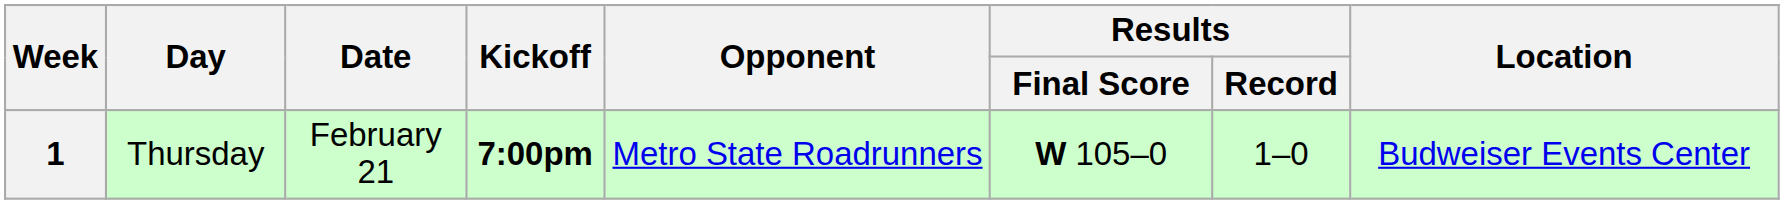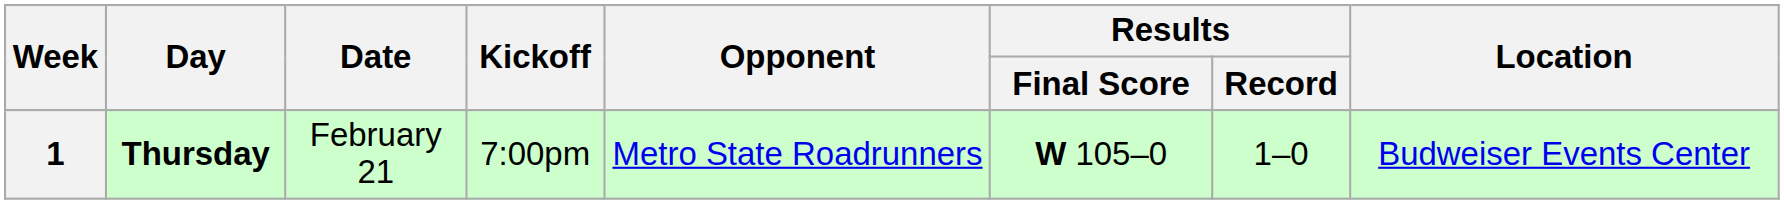 <table class="wikitable">
 <tr>
 <th rowspan="2" width="40">Week</th>
 <th rowspan="2" width="80">Day</th>
 <th rowspan="2" width="80">Date</th>
 <th rowspan="2" width="60">Kickoff</th>
 <th rowspan="2" width="180">Opponent</th>
 <th colspan="2" width="160">Results</th>
 <th rowspan="2" width="200">Location</th>
 </tr>
 <tr>
 <th width="100">Final Score</th>
 <th width="60">Record</th>
 </tr>
 <tr align="center" bgcolor="#CCFFCC">
 <th>1</th>
-<td>Thursday</td>
+<td><strong>Thursday</strong></td>
 <td>February 21</td>
-<td><strong>7:00pm</strong></td>
+<td>7:00pm</td>
 <td><a href='#'>Metro State Roadrunners</a></td>
 <td><strong>W</strong> 105–0</td>
 <td>1–0</td>
 <td><a href='#'>Budweiser Events Center</a></td>
 </tr>
 </table>
